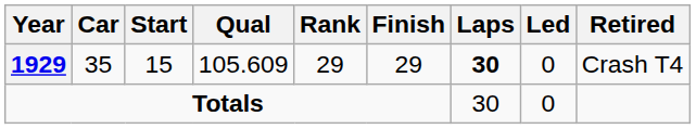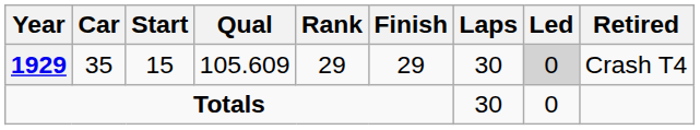 <table class="wikitable" style="text-align:center">
 <tr>
 <th>Year</th>
 <th>Car</th>
 <th>Start</th>
 <th>Qual</th>
 <th>Rank</th>
 <th>Finish</th>
 <th>Laps</th>
 <th>Led</th>
 <th>Retired</th>
 </tr>
 <tr>
 <th><a href='#'>1929</a></th>
 <td>35</td>
 <td>15</td>
 <td>105.609</td>
 <td>29</td>
 <td>29</td>
-<td><strong>30</strong></td>
-<td>0</td>
+<td>30</td>
+<td style="background: lightgrey;">0</td>
 <td>Crash T4</td>
 </tr>
 <tr>
 <td colspan=6><strong>Totals</strong></td>
 <td>30</td>
 <td>0</td>
 <td></td>
 </tr>
 </table>
